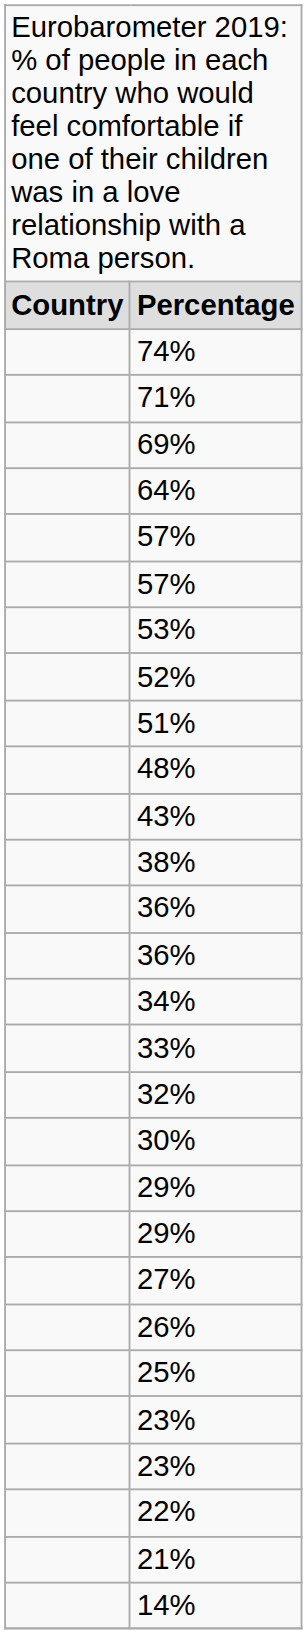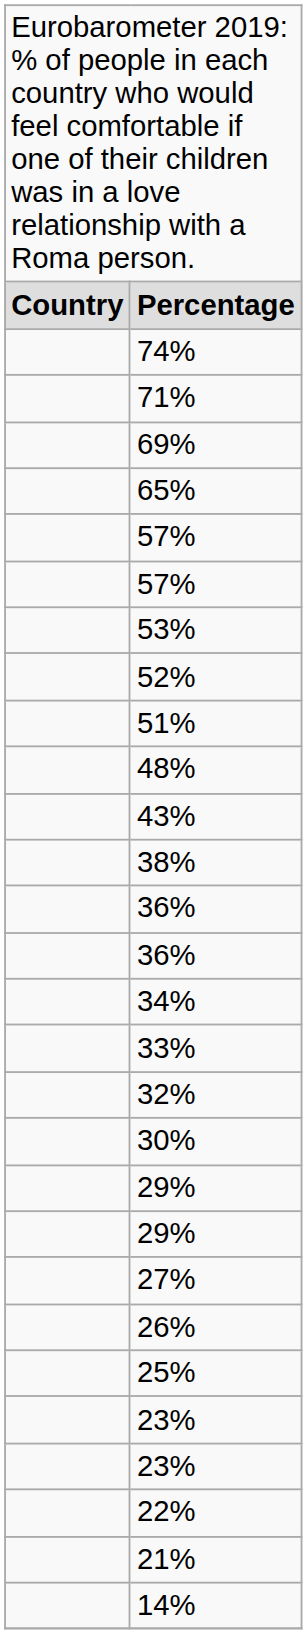 <table class="wikitable" style="float:right; clear:right; margin-left:1em">
 <tr>
 <td colspan="2" style="width:100px;">Eurobarometer 2019: % of people in each country who would feel comfortable if one of their children was in a love relationship with a Roma person.</td>
 </tr>
 <tr>
 <th style="background:#dedede;">Country</th>
 <th style="background:#dedede;">Percentage</th>
 </tr>
 <tr>
 <td></td>
 <td>74%</td>
 </tr>
 <tr>
 <td></td>
 <td>71%</td>
 </tr>
 <tr>
 <td></td>
 <td>69%</td>
 </tr>
 <tr>
 <td></td>
-<td>64%</td>
+<td>65%</td>
 </tr>
 <tr>
 <td></td>
 <td>57%</td>
 </tr>
 <tr>
 <td></td>
 <td>57%</td>
 </tr>
 <tr>
 <td></td>
 <td>53%</td>
 </tr>
 <tr>
 <td></td>
 <td>52%</td>
 </tr>
 <tr>
 <td></td>
 <td>51%</td>
 </tr>
 <tr>
 <td></td>
 <td>48%</td>
 </tr>
 <tr>
 <td></td>
 <td>43%</td>
 </tr>
 <tr>
 <td></td>
 <td>38%</td>
 </tr>
 <tr>
 <td></td>
 <td>36%</td>
 </tr>
 <tr>
 <td></td>
 <td>36%</td>
 </tr>
 <tr>
 <td></td>
 <td>34%</td>
 </tr>
 <tr>
 <td></td>
 <td>33%</td>
 </tr>
 <tr>
 <td></td>
 <td>32%</td>
 </tr>
 <tr>
 <td></td>
 <td>30%</td>
 </tr>
 <tr>
 <td></td>
 <td>29%</td>
 </tr>
 <tr>
 <td></td>
 <td>29%</td>
 </tr>
 <tr>
 <td></td>
 <td>27%</td>
 </tr>
 <tr>
 <td></td>
 <td>26%</td>
 </tr>
 <tr>
 <td></td>
 <td>25%</td>
 </tr>
 <tr>
 <td></td>
 <td>23%</td>
 </tr>
 <tr>
 <td></td>
 <td>23%</td>
 </tr>
 <tr>
 <td></td>
 <td>22%</td>
 </tr>
 <tr>
 <td></td>
 <td>21%</td>
 </tr>
 <tr>
 <td></td>
 <td>14%</td>
 </tr>
 <tr>
 </tr>
 </table>
